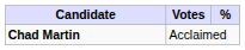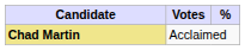 <table class="wikitable">
 <tr>
 <th style="background:#ddf; width:200px;">Candidate</th>
 <th style="background:#ddf; width:50px;">Votes</th>
 <th style="background:#ddf; width:30px;">%</th>
 </tr>
 <tr>
-<td><strong>Chad Martin</strong></td>
+<td style="background: khaki;"><strong>Chad Martin</strong></td>
 <td colspan="2">Acclaimed</td>
 </tr>
 </table>
